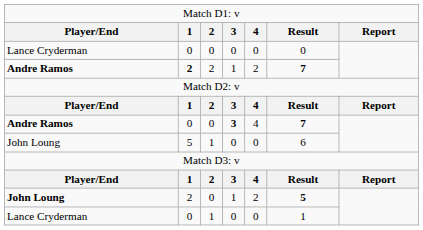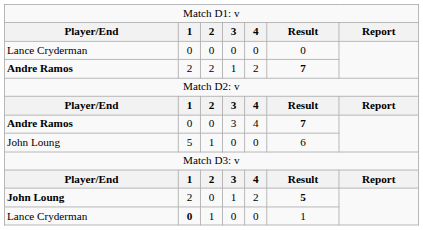 <table class="wikitable" style=font-size:85%;text-align:center;width:40%>
 <tr>
 <td colspan="7">Match D1: v </td>
 </tr>
 <tr>
 <th>Player/End</th>
 <th>1</th>
 <th>2</th>
 <th>3</th>
 <th>4</th>
 <th>Result</th>
 <th>Report</th>
 </tr>
 <tr>
 <td align=left> Lance Cryderman</td>
 <td>0</td>
 <td>0</td>
 <td>0</td>
 <td>0</td>
 <td>0</td>
 <td rowspan="2"></td>
 </tr>
 <tr>
 <td align=left> <strong>Andre Ramos</strong></td>
-<td><strong>2</strong></td>
+<td>2</td>
 <td>2</td>
 <td>1</td>
 <td>2</td>
 <td><strong>7</strong></td>
 </tr>
 <tr>
 <td colspan="7">Match D2: v </td>
 </tr>
 <tr>
 <th>Player/End</th>
 <th>1</th>
 <th>2</th>
 <th>3</th>
 <th>4</th>
 <th>Result</th>
 <th>Report</th>
 </tr>
 <tr>
 <td align=left><strong> Andre Ramos</strong></td>
 <td>0</td>
 <td>0</td>
-<td><strong>3</strong></td>
+<td>3</td>
 <td>4</td>
 <td><strong>7</strong></td>
 <td rowspan="2"></td>
 </tr>
 <tr>
 <td align=left> John Loung</td>
 <td>5</td>
 <td>1</td>
 <td>0</td>
 <td>0</td>
 <td>6</td>
 </tr>
 <tr>
 <td colspan="7">Match D3: v </td>
 </tr>
 <tr>
 <th>Player/End</th>
 <th>1</th>
 <th>2</th>
 <th>3</th>
 <th>4</th>
 <th>Result</th>
 <th>Report</th>
 </tr>
 <tr>
 <td align=left><strong> John Loung</strong></td>
 <td>2</td>
 <td>0</td>
 <td>1</td>
 <td>2</td>
 <td><strong>5</strong></td>
 <td rowspan="2"></td>
 </tr>
 <tr>
 <td align=left> Lance Cryderman</td>
-<td>0</td>
+<td><strong>0</strong></td>
 <td>1</td>
 <td>0</td>
 <td>0</td>
 <td>1</td>
 </tr>
 </table>
